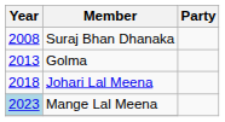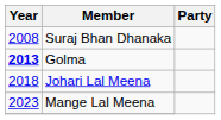 <table class="wikitable sortable">
 <tr>
 <th>Year</th>
 <th>Member</th>
 <th colspan="2">Party</th>
 </tr>
 <tr>
 <td><a href='#'>2008</a></td>
 <td>Suraj Bhan Dhanaka</td>
 <td></td>
 </tr>
 <tr>
-<td><a href='#'>2013</a></td>
+<td><strong><a href='#'>2013</a></strong></td>
 <td>Golma</td>
 <td></td>
 </tr>
 <tr>
 <td><a href='#'>2018</a></td>
 <td><a href='#'>Johari Lal Meena</a></td>
 <td></td>
 </tr>
 <tr>
-<td style="background: lightblue;"><a href='#'>2023</a></td>
+<td><a href='#'>2023</a></td>
 <td>Mange Lal Meena</td>
 </tr>
 <tr>
 </tr>
 </table>
